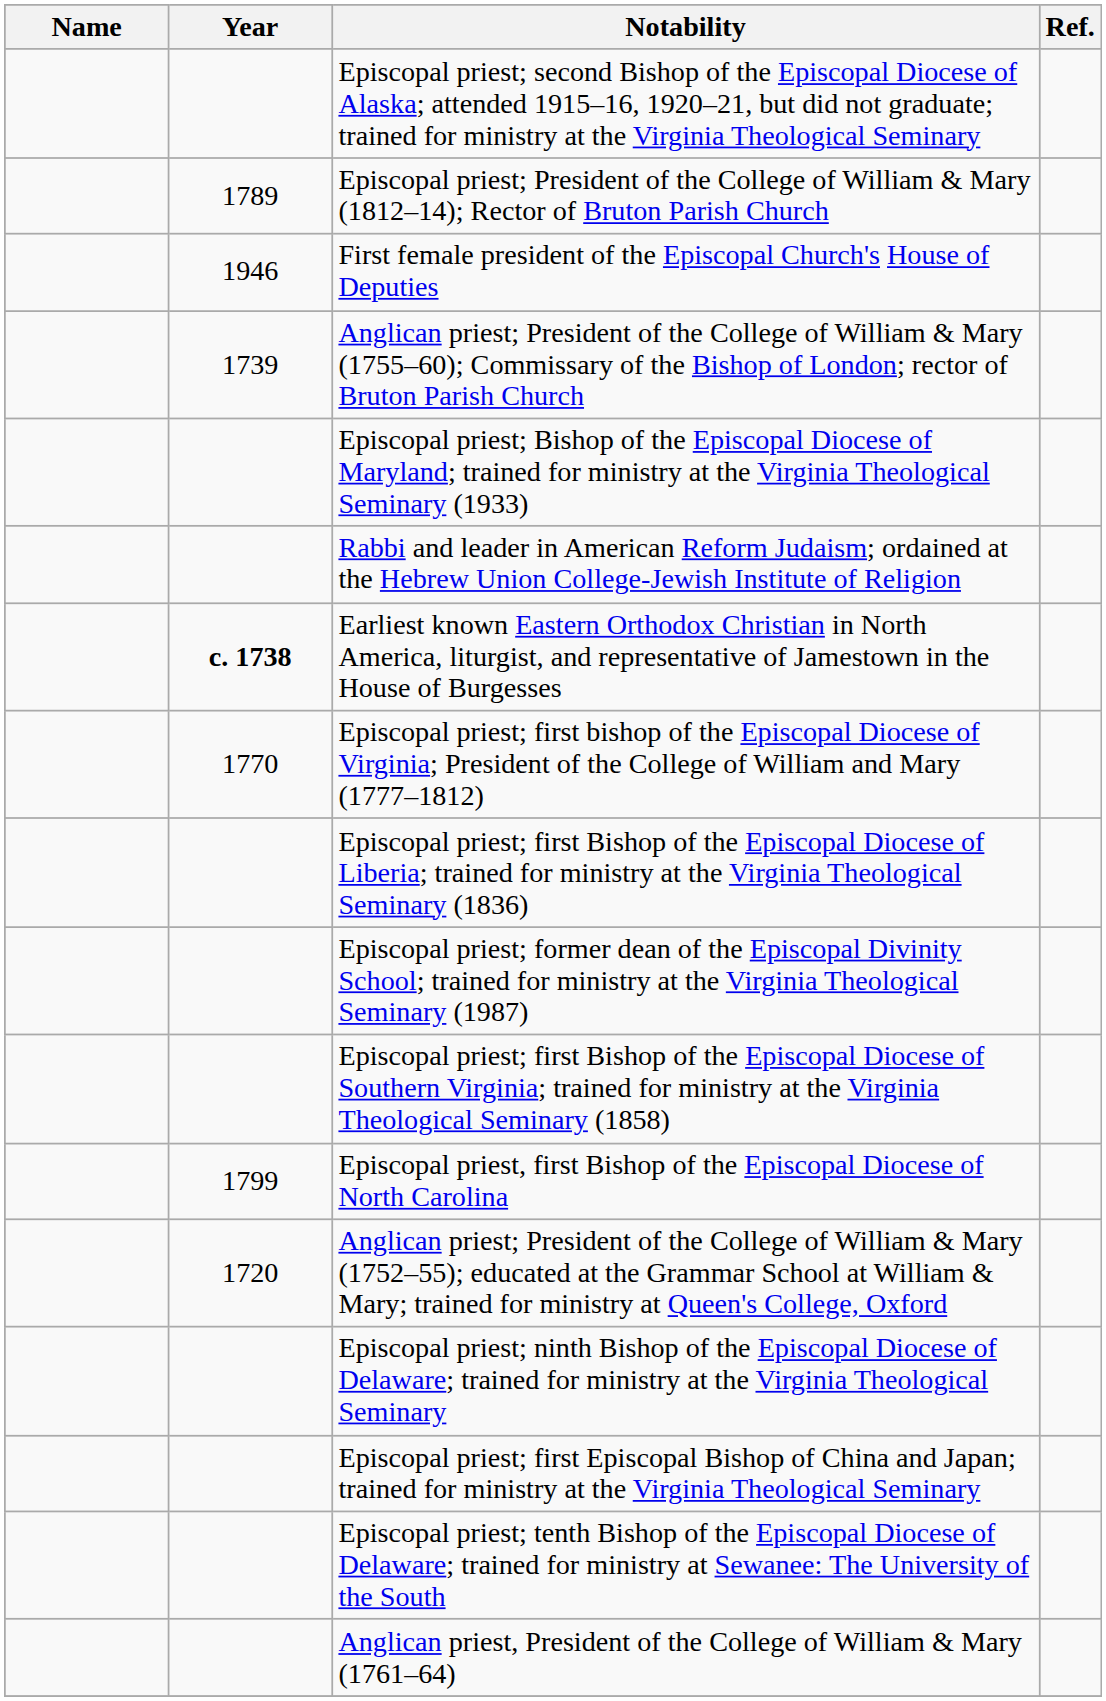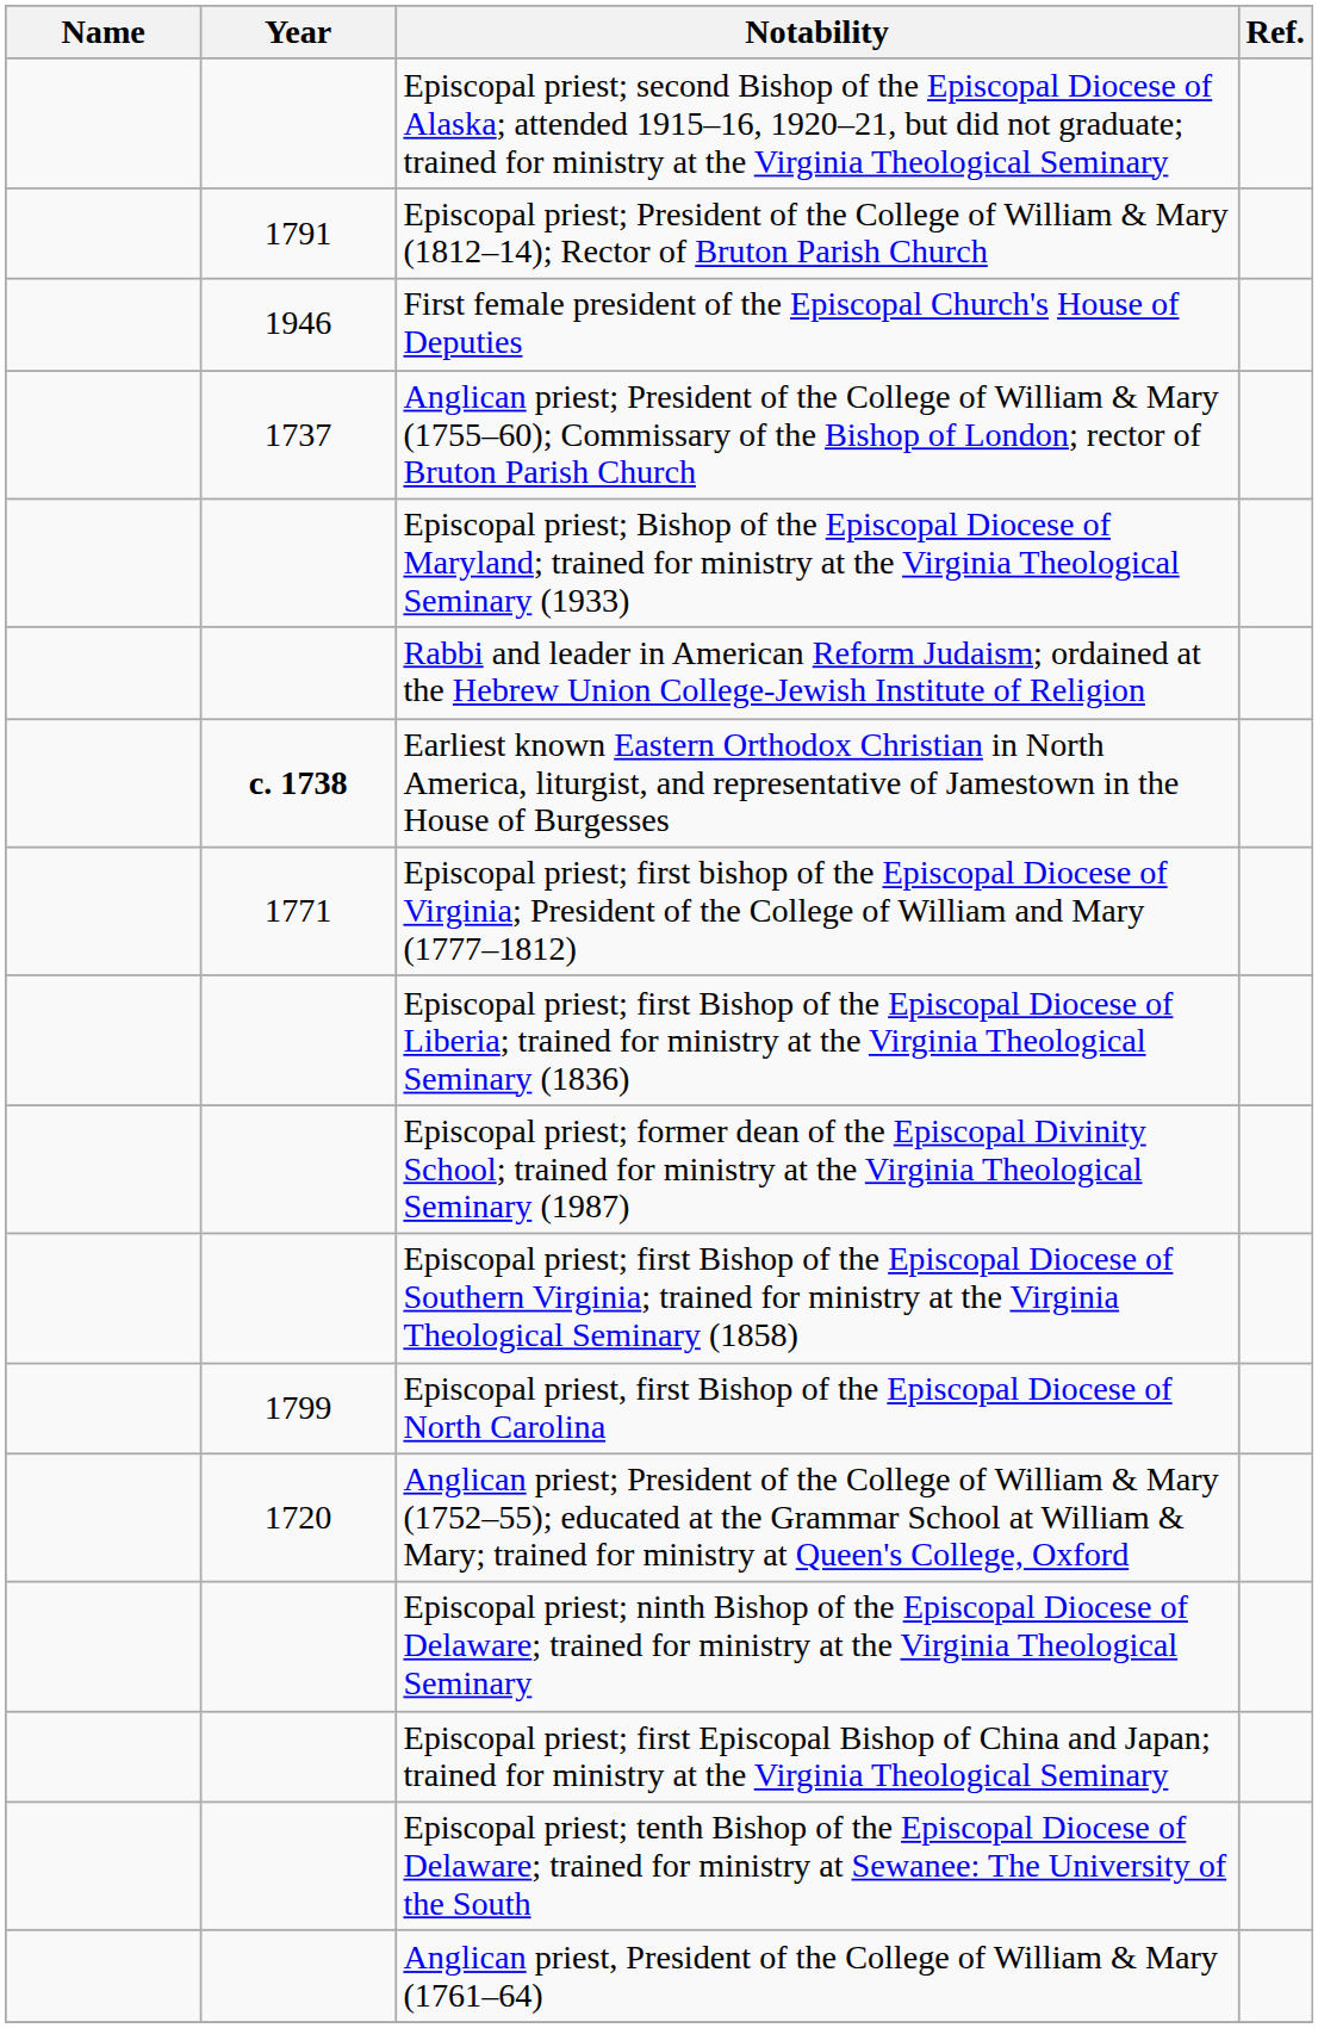 <table class="wikitable sortable" style="width:100%">
 <tr>
 <th width="15%">Name</th>
 <th width="15%">Year</th>
 <th width="65%" class="unsortable">Notability</th>
 <th width="5%" class="unsortable">Ref.</th>
 </tr>
 <tr>
 <td></td>
 <td align="center"></td>
 <td>Episcopal priest; second Bishop of the <a href='#'>Episcopal Diocese of Alaska</a>; attended 1915–16, 1920–21, but did not graduate; trained for ministry at the <a href='#'>Virginia Theological Seminary</a></td>
 <td align="center"></td>
 </tr>
 <tr>
 <td></td>
-<td align="center">1789</td>
+<td align="center">1791</td>
 <td>Episcopal priest; President of the College of William & Mary (1812–14); Rector of <a href='#'>Bruton Parish Church</a></td>
 <td align="center"></td>
 </tr>
 <tr>
 <td></td>
 <td align="center">1946</td>
 <td>First female president of the <a href='#'>Episcopal Church's</a> <a href='#'>House of Deputies</a></td>
 <td align="center"></td>
 </tr>
 <tr>
 <td></td>
-<td align="center">1739</td>
+<td align="center">1737</td>
 <td><a href='#'>Anglican</a> priest; President of the College of William & Mary (1755–60); Commissary of the <a href='#'>Bishop of London</a>; rector of <a href='#'>Bruton Parish Church</a></td>
 <td align="center"></td>
 </tr>
 <tr>
 <td></td>
 <td align="center"></td>
 <td>Episcopal priest; Bishop of the <a href='#'>Episcopal Diocese of Maryland</a>; trained for ministry at the <a href='#'>Virginia Theological Seminary</a> (1933)</td>
 <td align="center"></td>
 </tr>
 <tr>
 <td></td>
 <td align="center"></td>
 <td><a href='#'>Rabbi</a> and leader in American <a href='#'>Reform Judaism</a>; ordained at the <a href='#'>Hebrew Union College-Jewish Institute of Religion</a></td>
 <td align="center"></td>
 </tr>
 <tr>
 <td></td>
 <td align="center"><strong>c. 1738</strong></td>
 <td>Earliest known <a href='#'>Eastern Orthodox Christian</a> in North America, liturgist, and representative of Jamestown in the House of Burgesses</td>
 <td align="center"></td>
 </tr>
 <tr>
 <td></td>
-<td align="center">1770</td>
+<td align="center">1771</td>
 <td>Episcopal priest; first bishop of the <a href='#'>Episcopal Diocese of Virginia</a>; President of the College of William and Mary (1777–1812)</td>
 <td align="center"></td>
 </tr>
 <tr>
 <td></td>
 <td align="center"></td>
 <td>Episcopal priest; first Bishop of the <a href='#'>Episcopal Diocese of Liberia</a>; trained for ministry at the <a href='#'>Virginia Theological Seminary</a> (1836)</td>
 <td align="center"></td>
 </tr>
 <tr>
 <td></td>
 <td align="center"></td>
 <td>Episcopal priest; former dean of the <a href='#'>Episcopal Divinity School</a>; trained for ministry at the <a href='#'>Virginia Theological Seminary</a> (1987)</td>
 <td align="center"></td>
 </tr>
 <tr>
 <td></td>
 <td align="center"></td>
 <td>Episcopal priest; first Bishop of the <a href='#'>Episcopal Diocese of Southern Virginia</a>; trained for ministry at the <a href='#'>Virginia Theological Seminary</a> (1858)</td>
 <td align="center"></td>
 </tr>
 <tr>
 <td></td>
 <td align="center">1799</td>
 <td>Episcopal priest, first Bishop of the <a href='#'>Episcopal Diocese of North Carolina</a></td>
 <td align="center"></td>
 </tr>
 <tr>
 <td></td>
 <td align="center">1720</td>
 <td><a href='#'>Anglican</a> priest; President of the College of William & Mary (1752–55); educated at the Grammar School at William & Mary; trained for ministry at <a href='#'>Queen's College, Oxford</a></td>
 <td align="center"></td>
 </tr>
 <tr>
 <td></td>
 <td align="center"></td>
 <td>Episcopal priest; ninth Bishop of the <a href='#'>Episcopal Diocese of Delaware</a>; trained for ministry at the <a href='#'>Virginia Theological Seminary</a></td>
 <td align="center"></td>
 </tr>
 <tr>
 <td></td>
 <td align="center"></td>
 <td>Episcopal priest; first Episcopal Bishop of China and Japan; trained for ministry at the <a href='#'>Virginia Theological Seminary</a></td>
 <td align="center"></td>
 </tr>
 <tr>
 <td></td>
 <td align="center"></td>
 <td>Episcopal priest; tenth Bishop of the <a href='#'>Episcopal Diocese of Delaware</a>; trained for ministry at <a href='#'>Sewanee: The University of the South</a></td>
 <td align="center"></td>
 </tr>
 <tr>
 <td></td>
 <td align="center"></td>
 <td><a href='#'>Anglican</a> priest, President of the College of William & Mary (1761–64)</td>
 <td align="center"></td>
 </tr>
 <tr>
 </tr>
 </table>
